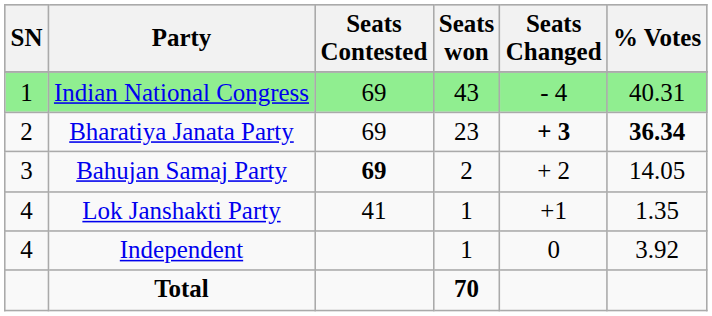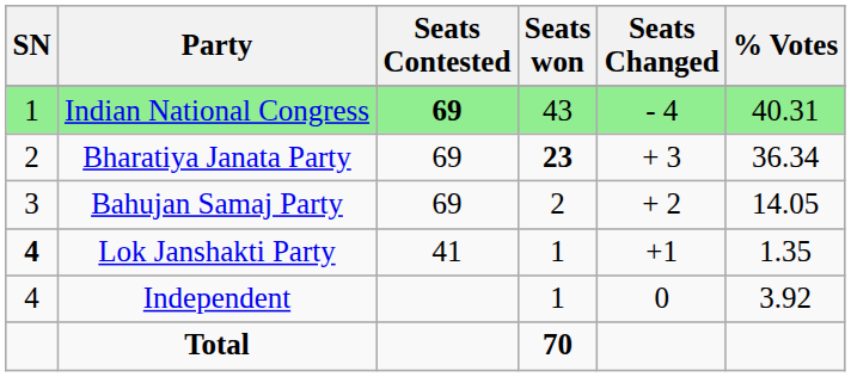 <table class="wikitable sortable" style="text-align:center;">
 <tr bgcolor="#cccccc">
 <th>SN</th>
 <th>Party</th>
 <th>Seats<br>Contested</th>
 <th>Seats<br>won</th>
 <th>Seats<br> Changed</th>
 <th>% Votes</th>
 </tr>
 <tr>
 </tr>
 <tr style="background: #90EE90;">
 <td>1</td>
 <td><a href='#'>Indian National Congress</a></td>
-<td>69</td>
+<td><strong>69</strong></td>
 <td>43</td>
 <td>- 4</td>
 <td>40.31</td>
 </tr>
 <tr>
 <td>2</td>
 <td><a href='#'>Bharatiya Janata Party</a></td>
 <td>69</td>
-<td>23</td>
-<td><strong>+ 3</strong></td>
-<td><strong>36.34</strong></td>
+<td><strong>23</strong></td>
+<td>+ 3</td>
+<td>36.34</td>
 </tr>
 <tr>
 <td>3</td>
 <td><a href='#'>Bahujan Samaj Party</a></td>
-<td><strong>69</strong></td>
+<td>69</td>
 <td>2</td>
 <td>+ 2</td>
 <td>14.05</td>
 </tr>
 <tr>
-<td>4</td>
+<td><strong>4</strong></td>
 <td><a href='#'>Lok Janshakti Party</a></td>
 <td>41</td>
 <td>1</td>
 <td>+1</td>
 <td>1.35</td>
 </tr>
 <tr>
 <td>4</td>
 <td><a href='#'>Independent</a></td>
 <td></td>
 <td>1</td>
 <td>0</td>
 <td>3.92</td>
 </tr>
 <tr>
 <td></td>
 <td><strong>Total</strong></td>
 <td></td>
 <td><strong>70</strong></td>
 <td></td>
 <td></td>
 </tr>
 </table>
